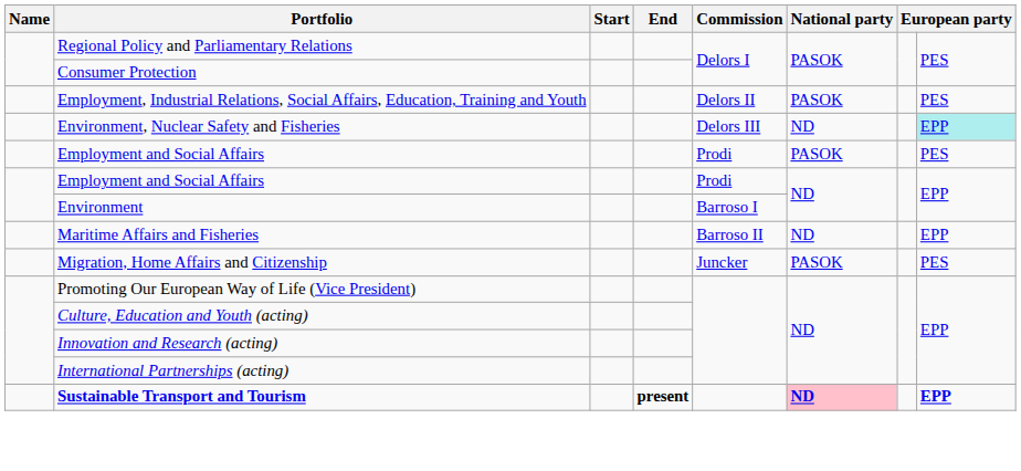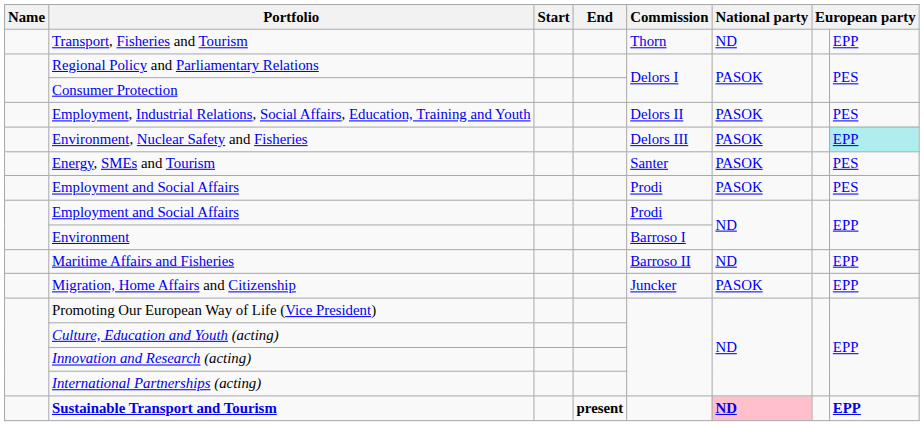 <table class="wikitable sortable" style="font-size: 90%;">
 <tr>
 <th>Name</th>
 <th>Portfolio</th>
 <th>Start</th>
 <th>End</th>
 <th>Commission</th>
 <th>National party</th>
 <th colspan=2>European party</th>
+</tr>
+<tr>
+<td></td>
+<td><a href='#'>Transport</a>, <a href='#'>Fisheries</a> and <a href='#'>Tourism</a></td>
+<td></td>
+<td></td>
+<td><a href='#'>Thorn</a></td>
+<td><a href='#'>ND</a></td>
+<td style="background:"></td>
+<td><a href='#'>EPP</a></td>
 </tr>
 <tr>
 <td rowspan=2></td>
 <td><a href='#'>Regional Policy</a> and <a href='#'>Parliamentary Relations</a></td>
 <td></td>
 <td></td>
 <td rowspan=2><a href='#'>Delors I</a></td>
 <td rowspan=2><a href='#'>PASOK</a></td>
 <td rowspan=2 style="background:"></td>
 <td rowspan=2><a href='#'>PES</a></td>
 </tr>
 <tr>
 <td><a href='#'>Consumer Protection</a></td>
 <td></td>
 <td></td>
 </tr>
 <tr>
 <td></td>
 <td><a href='#'>Employment</a>, <a href='#'>Industrial Relations</a>, <a href='#'>Social Affairs</a>, <a href='#'>Education, Training and Youth</a></td>
 <td></td>
 <td></td>
 <td><a href='#'>Delors II</a></td>
 <td><a href='#'>PASOK</a></td>
 <td style="background:"></td>
 <td><a href='#'>PES</a></td>
 </tr>
 <tr>
 <td></td>
 <td><a href='#'>Environment</a>, <a href='#'>Nuclear Safety</a> and <a href='#'>Fisheries</a></td>
 <td></td>
 <td></td>
 <td><a href='#'>Delors III</a></td>
-<td><a href='#'>ND</a></td>
+<td><a href='#'>PASOK</a></td>
 <td style="background:"></td>
 <td style="background: paleturquoise;"><a href='#'>EPP</a></td>
+</tr>
+<tr>
+<td></td>
+<td><a href='#'>Energy</a>, <a href='#'>SMEs</a> and <a href='#'>Tourism</a></td>
+<td></td>
+<td></td>
+<td><a href='#'>Santer</a></td>
+<td><a href='#'>PASOK</a></td>
+<td style="background:"></td>
+<td><a href='#'>PES</a></td>
 </tr>
 <tr>
 <td></td>
 <td><a href='#'>Employment and Social Affairs</a></td>
 <td></td>
 <td></td>
 <td><a href='#'>Prodi</a></td>
 <td><a href='#'>PASOK</a></td>
 <td style="background:"></td>
 <td><a href='#'>PES</a></td>
 </tr>
 <tr>
 <td rowspan=2></td>
 <td><a href='#'>Employment and Social Affairs</a></td>
 <td></td>
 <td></td>
 <td><a href='#'>Prodi</a></td>
 <td rowspan=2><a href='#'>ND</a></td>
 <td rowspan=2 style="background:"></td>
 <td rowspan=2><a href='#'>EPP</a></td>
 </tr>
 <tr>
 <td><a href='#'>Environment</a></td>
 <td></td>
 <td></td>
 <td><a href='#'>Barroso I</a></td>
 </tr>
 <tr>
 <td></td>
 <td><a href='#'>Maritime Affairs and Fisheries</a></td>
 <td></td>
 <td></td>
 <td><a href='#'>Barroso II</a></td>
 <td><a href='#'>ND</a></td>
 <td style="background:"></td>
 <td><a href='#'>EPP</a></td>
 </tr>
 <tr>
 <td></td>
 <td><a href='#'>Migration, Home Affairs</a> and <a href='#'>Citizenship</a></td>
 <td></td>
 <td></td>
 <td><a href='#'>Juncker</a></td>
 <td><a href='#'>PASOK</a></td>
 <td style="background:"></td>
-<td><a href='#'>PES</a></td>
+<td><a href='#'>EPP</a></td>
 </tr>
 <tr>
 <td rowspan=4></td>
 <td>Promoting Our European Way of Life (<a href='#'>Vice President</a>)</td>
 <td></td>
 <td></td>
 <td rowspan=4></td>
 <td rowspan=4><a href='#'>ND</a></td>
 <td rowspan=4 style="background:"></td>
 <td rowspan=4><a href='#'>EPP</a></td>
 </tr>
 <tr>
 <td><em><a href='#'>Culture, Education and Youth</a> (acting)</em></td>
 <td><em></em></td>
 <td><em></em></td>
 </tr>
 <tr>
 <td><em><a href='#'>Innovation and Research</a> (acting)</em></td>
 <td><em></em></td>
 <td><em></em></td>
 </tr>
 <tr>
 <td><em><a href='#'>International Partnerships</a> (acting)</em></td>
 <td><em></em></td>
 <td><em></em></td>
 </tr>
 <tr>
 <td><strong></strong></td>
 <td><strong><a href='#'>Sustainable Transport and Tourism</a></strong></td>
 <td><strong></strong></td>
 <td><strong>present</strong></td>
 <td><strong></strong></td>
 <td style="background: pink;"><strong><a href='#'>ND</a></strong></td>
 <td style="background:"></td>
 <td><strong><a href='#'>EPP</a></strong></td>
 </tr>
 </table>
